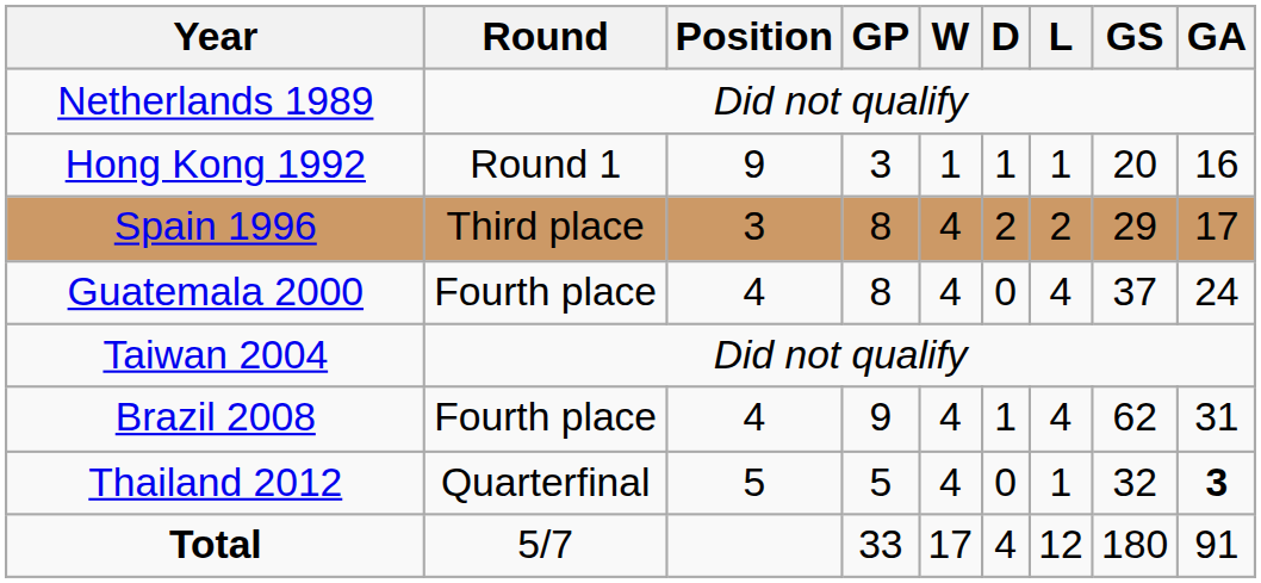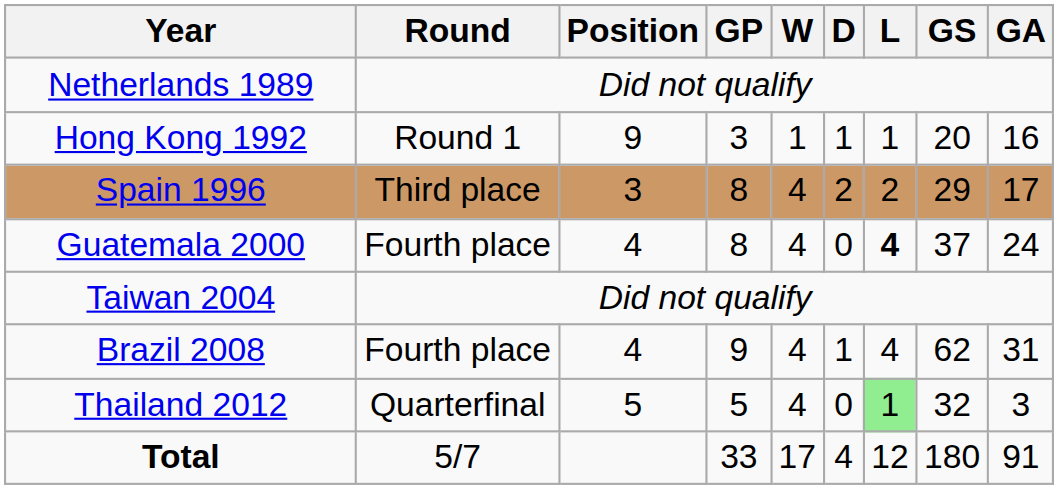 <table class="wikitable" style="text-align: center;">
 <tr>
 <th width=160>Year</th>
 <th>Round</th>
 <th>Position</th>
 <th>GP</th>
 <th>W</th>
 <th>D</th>
 <th>L</th>
 <th>GS</th>
 <th>GA</th>
 </tr>
 <tr>
 <td><a href='#'>Netherlands 1989</a></td>
 <td colspan="8"><em>Did not qualify</em></td>
 </tr>
 <tr>
 <td><a href='#'>Hong Kong 1992</a></td>
 <td>Round 1</td>
 <td>9</td>
 <td>3</td>
 <td>1</td>
 <td>1</td>
 <td>1</td>
 <td>20</td>
 <td>16</td>
 </tr>
 <tr style="background:#c96;">
 <td><a href='#'>Spain 1996</a></td>
 <td>Third place</td>
 <td>3</td>
 <td>8</td>
 <td>4</td>
 <td>2</td>
 <td>2</td>
 <td>29</td>
 <td>17</td>
 </tr>
 <tr>
 <td><a href='#'>Guatemala 2000</a></td>
 <td>Fourth place</td>
 <td>4</td>
 <td>8</td>
 <td>4</td>
 <td>0</td>
-<td>4</td>
+<td><strong>4</strong></td>
 <td>37</td>
 <td>24</td>
 </tr>
 <tr>
 <td><a href='#'>Taiwan 2004</a></td>
 <td colspan="8"><em>Did not qualify</em></td>
 </tr>
 <tr>
 <td><a href='#'>Brazil 2008</a></td>
 <td>Fourth place</td>
 <td>4</td>
 <td>9</td>
 <td>4</td>
 <td>1</td>
 <td>4</td>
 <td>62</td>
 <td>31</td>
 </tr>
 <tr>
 <td><a href='#'>Thailand 2012</a></td>
 <td>Quarterfinal</td>
 <td>5</td>
 <td>5</td>
 <td>4</td>
 <td>0</td>
-<td>1</td>
+<td style="background: lightgreen;">1</td>
 <td>32</td>
-<td><strong>3</strong></td>
+<td>3</td>
 </tr>
 <tr>
 <td><strong>Total</strong></td>
 <td>5/7</td>
 <td></td>
 <td>33</td>
 <td>17</td>
 <td>4</td>
 <td>12</td>
 <td>180</td>
 <td>91</td>
 </tr>
 </table>
